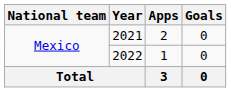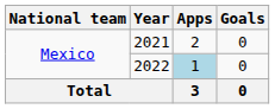 <table class="wikitable" style="text-align: center;">
 <tr>
 <th>National team</th>
 <th>Year</th>
 <th>Apps</th>
 <th>Goals</th>
 </tr>
 <tr>
 <td rowspan="2" valign="center"><a href='#'>Mexico</a></td>
 <td>2021</td>
 <td>2</td>
 <td>0</td>
 </tr>
 <tr>
 <td>2022</td>
-<td>1</td>
+<td style="background: lightblue;">1</td>
 <td>0</td>
 </tr>
 <tr>
 <th colspan="2">Total</th>
 <th>3</th>
 <th>0</th>
 </tr>
 </table>
